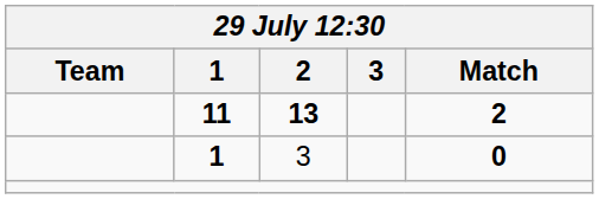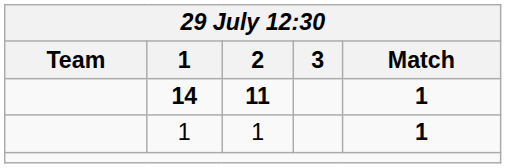 <table class=wikitable style="text-align:center; width: 55%">
 <tr>
 <th colspan=10><em>29 July 12:30</em></th>
 </tr>
 <tr>
 <th>Team</th>
 <th>1</th>
 <th>2</th>
 <th>3</th>
 <th>Match</th>
 </tr>
 <tr>
 <td align=left><strong><br></strong></td>
+<td><strong>14</strong></td>
 <td><strong>11</strong></td>
-<td><strong>13</strong></td>
 <td></td>
-<td><strong>2</strong></td>
+<td><strong>1</strong></td>
 </tr>
 <tr>
 <td align=left><br></td>
+<td>1</td>
+<td>1</td>
+<td></td>
 <td><strong>1</strong></td>
-<td>3</td>
-<td></td>
-<td><strong>0</strong></td>
 </tr>
 <tr>
 <td colspan=10></td>
 </tr>
 </table>
